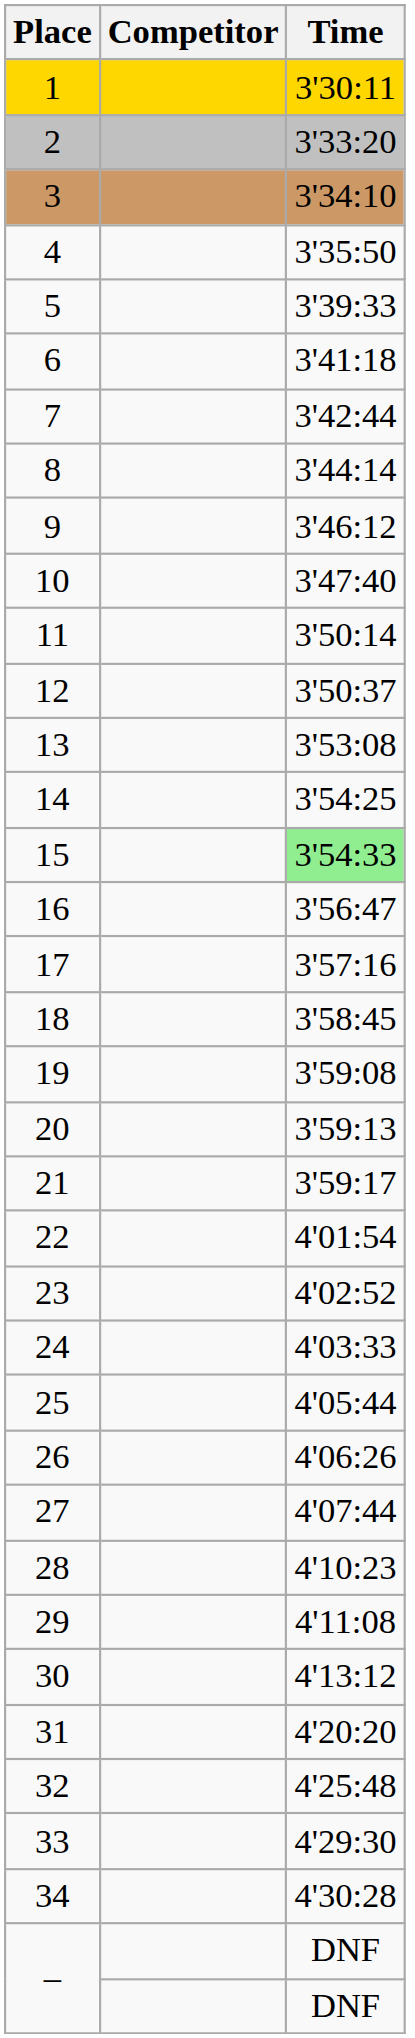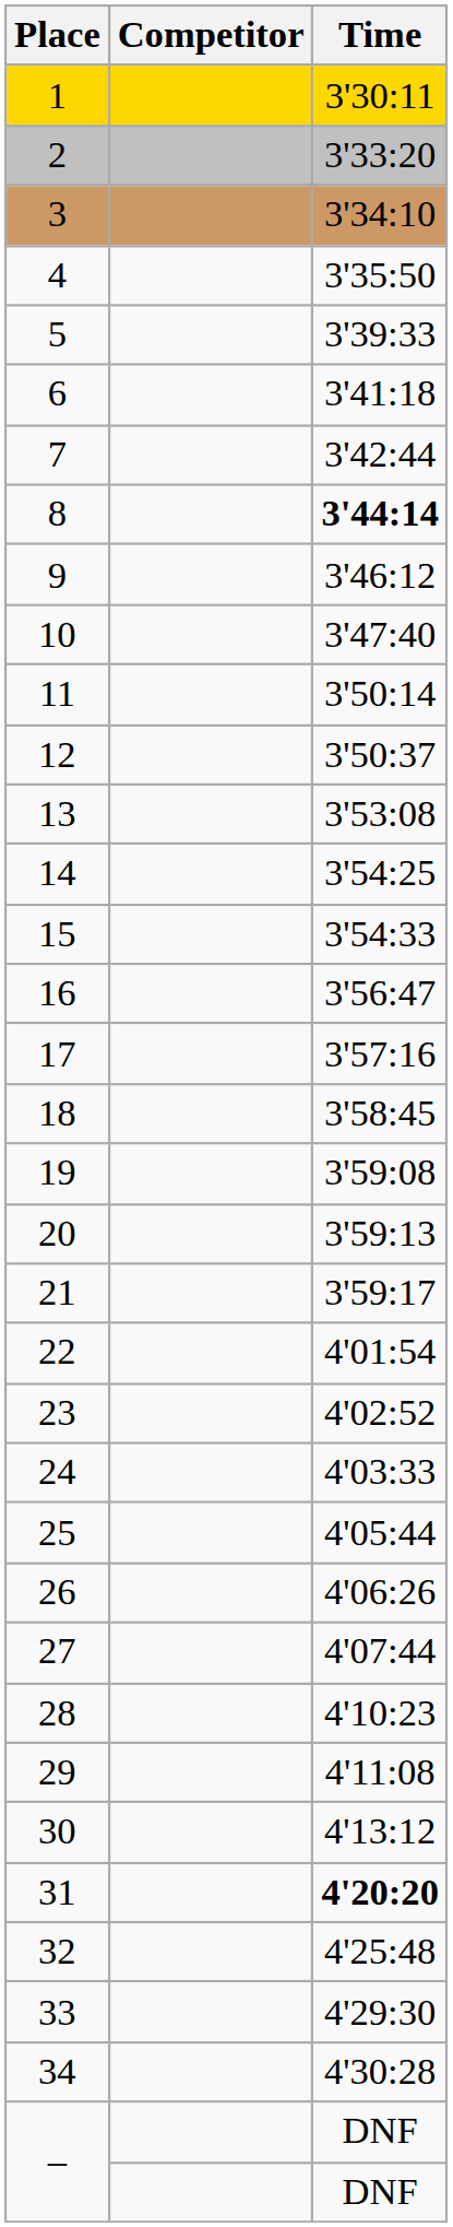 <table class=wikitable style="text-align:center">
 <tr>
 <th>Place</th>
 <th>Competitor</th>
 <th>Time</th>
 </tr>
 <tr align=center bgcolor=gold>
 <td>1</td>
 <td align=left></td>
 <td>3'30:11</td>
 </tr>
 <tr align=center bgcolor=silver>
 <td>2</td>
 <td align=left></td>
 <td>3'33:20</td>
 </tr>
 <tr align=center bgcolor=cc9966>
 <td>3</td>
 <td align=left></td>
 <td>3'34:10</td>
 </tr>
 <tr>
 <td>4</td>
 <td align=left></td>
 <td>3'35:50</td>
 </tr>
 <tr>
 <td>5</td>
 <td align=left></td>
 <td>3'39:33</td>
 </tr>
 <tr>
 <td>6</td>
 <td align=left></td>
 <td>3'41:18</td>
 </tr>
 <tr>
 <td>7</td>
 <td align=left></td>
 <td>3'42:44</td>
 </tr>
 <tr>
 <td>8</td>
 <td align=left></td>
-<td>3'44:14</td>
+<td><strong>3'44:14</strong></td>
 </tr>
 <tr>
 <td>9</td>
 <td align=left></td>
 <td>3'46:12</td>
 </tr>
 <tr>
 <td>10</td>
 <td align=left></td>
 <td>3'47:40</td>
 </tr>
 <tr>
 <td>11</td>
 <td align=left></td>
 <td>3'50:14</td>
 </tr>
 <tr>
 <td>12</td>
 <td align=left></td>
 <td>3'50:37</td>
 </tr>
 <tr>
 <td>13</td>
 <td align=left></td>
 <td>3'53:08</td>
 </tr>
 <tr>
 <td>14</td>
 <td align=left></td>
 <td>3'54:25</td>
 </tr>
 <tr>
 <td>15</td>
 <td align=left></td>
-<td style="background: lightgreen;">3'54:33</td>
+<td>3'54:33</td>
 </tr>
 <tr>
 <td>16</td>
 <td align=left></td>
 <td>3'56:47</td>
 </tr>
 <tr>
 <td>17</td>
 <td align=left></td>
 <td>3'57:16</td>
 </tr>
 <tr>
 <td>18</td>
 <td align=left></td>
 <td>3'58:45</td>
 </tr>
 <tr>
 <td>19</td>
 <td align=left></td>
 <td>3'59:08</td>
 </tr>
 <tr>
 <td>20</td>
 <td align=left></td>
 <td>3'59:13</td>
 </tr>
 <tr>
 <td>21</td>
 <td align=left></td>
 <td>3'59:17</td>
 </tr>
 <tr>
 <td>22</td>
 <td align=left></td>
 <td>4'01:54</td>
 </tr>
 <tr>
 <td>23</td>
 <td align=left></td>
 <td>4'02:52</td>
 </tr>
 <tr>
 <td>24</td>
 <td align=left></td>
 <td>4'03:33</td>
 </tr>
 <tr>
 <td>25</td>
 <td align=left></td>
 <td>4'05:44</td>
 </tr>
 <tr>
 <td>26</td>
 <td align=left></td>
 <td>4'06:26</td>
 </tr>
 <tr>
 <td>27</td>
 <td align=left></td>
 <td>4'07:44</td>
 </tr>
 <tr>
 <td>28</td>
 <td align=left></td>
 <td>4'10:23</td>
 </tr>
 <tr>
 <td>29</td>
 <td align=left></td>
 <td>4'11:08</td>
 </tr>
 <tr>
 <td>30</td>
 <td align=left></td>
 <td>4'13:12</td>
 </tr>
 <tr>
 <td>31</td>
 <td align=left></td>
-<td>4'20:20</td>
+<td><strong>4'20:20</strong></td>
 </tr>
 <tr>
 <td>32</td>
 <td align=left></td>
 <td>4'25:48</td>
 </tr>
 <tr>
 <td>33</td>
 <td align=left></td>
 <td>4'29:30</td>
 </tr>
 <tr>
 <td>34</td>
 <td align=left></td>
 <td>4'30:28</td>
 </tr>
 <tr>
 <td rowspan=2>–</td>
 <td align=left></td>
 <td>DNF</td>
 </tr>
 <tr>
 <td align=left></td>
 <td>DNF</td>
 </tr>
 </table>
